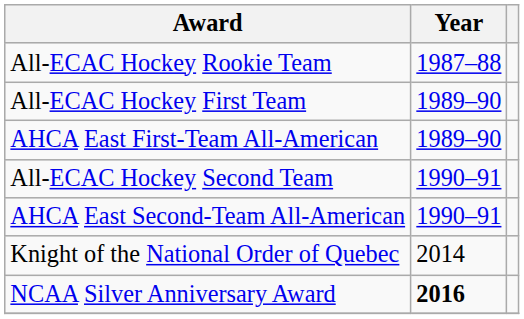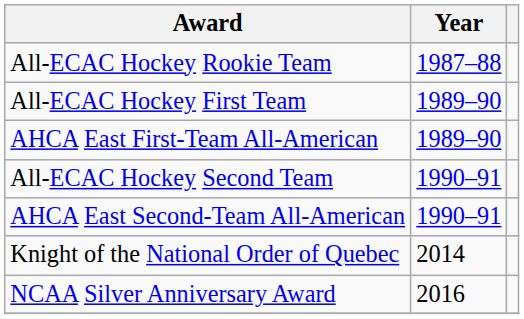 <table class="wikitable">
 <tr>
 <th>Award</th>
 <th>Year</th>
 <th></th>
 </tr>
 <tr>
 <td>All-<a href='#'>ECAC Hockey</a> <a href='#'>Rookie Team</a></td>
 <td><a href='#'>1987–88</a></td>
 <td></td>
 </tr>
 <tr>
 <td>All-<a href='#'>ECAC Hockey</a> <a href='#'>First Team</a></td>
 <td><a href='#'>1989–90</a></td>
 <td></td>
 </tr>
 <tr>
 <td><a href='#'>AHCA</a> <a href='#'>East First-Team All-American</a></td>
 <td><a href='#'>1989–90</a></td>
 <td></td>
 </tr>
 <tr>
 <td>All-<a href='#'>ECAC Hockey</a> <a href='#'>Second Team</a></td>
 <td><a href='#'>1990–91</a></td>
 <td></td>
 </tr>
 <tr>
 <td><a href='#'>AHCA</a> <a href='#'>East Second-Team All-American</a></td>
 <td><a href='#'>1990–91</a></td>
 <td></td>
 </tr>
 <tr>
 <td>Knight of the <a href='#'>National Order of Quebec</a></td>
 <td>2014</td>
 </tr>
 <tr>
 <td><a href='#'>NCAA</a> <a href='#'>Silver Anniversary Award</a></td>
-<td><strong>2016</strong></td>
+<td>2016</td>
 <td></td>
 </tr>
 <tr>
 </tr>
 </table>
